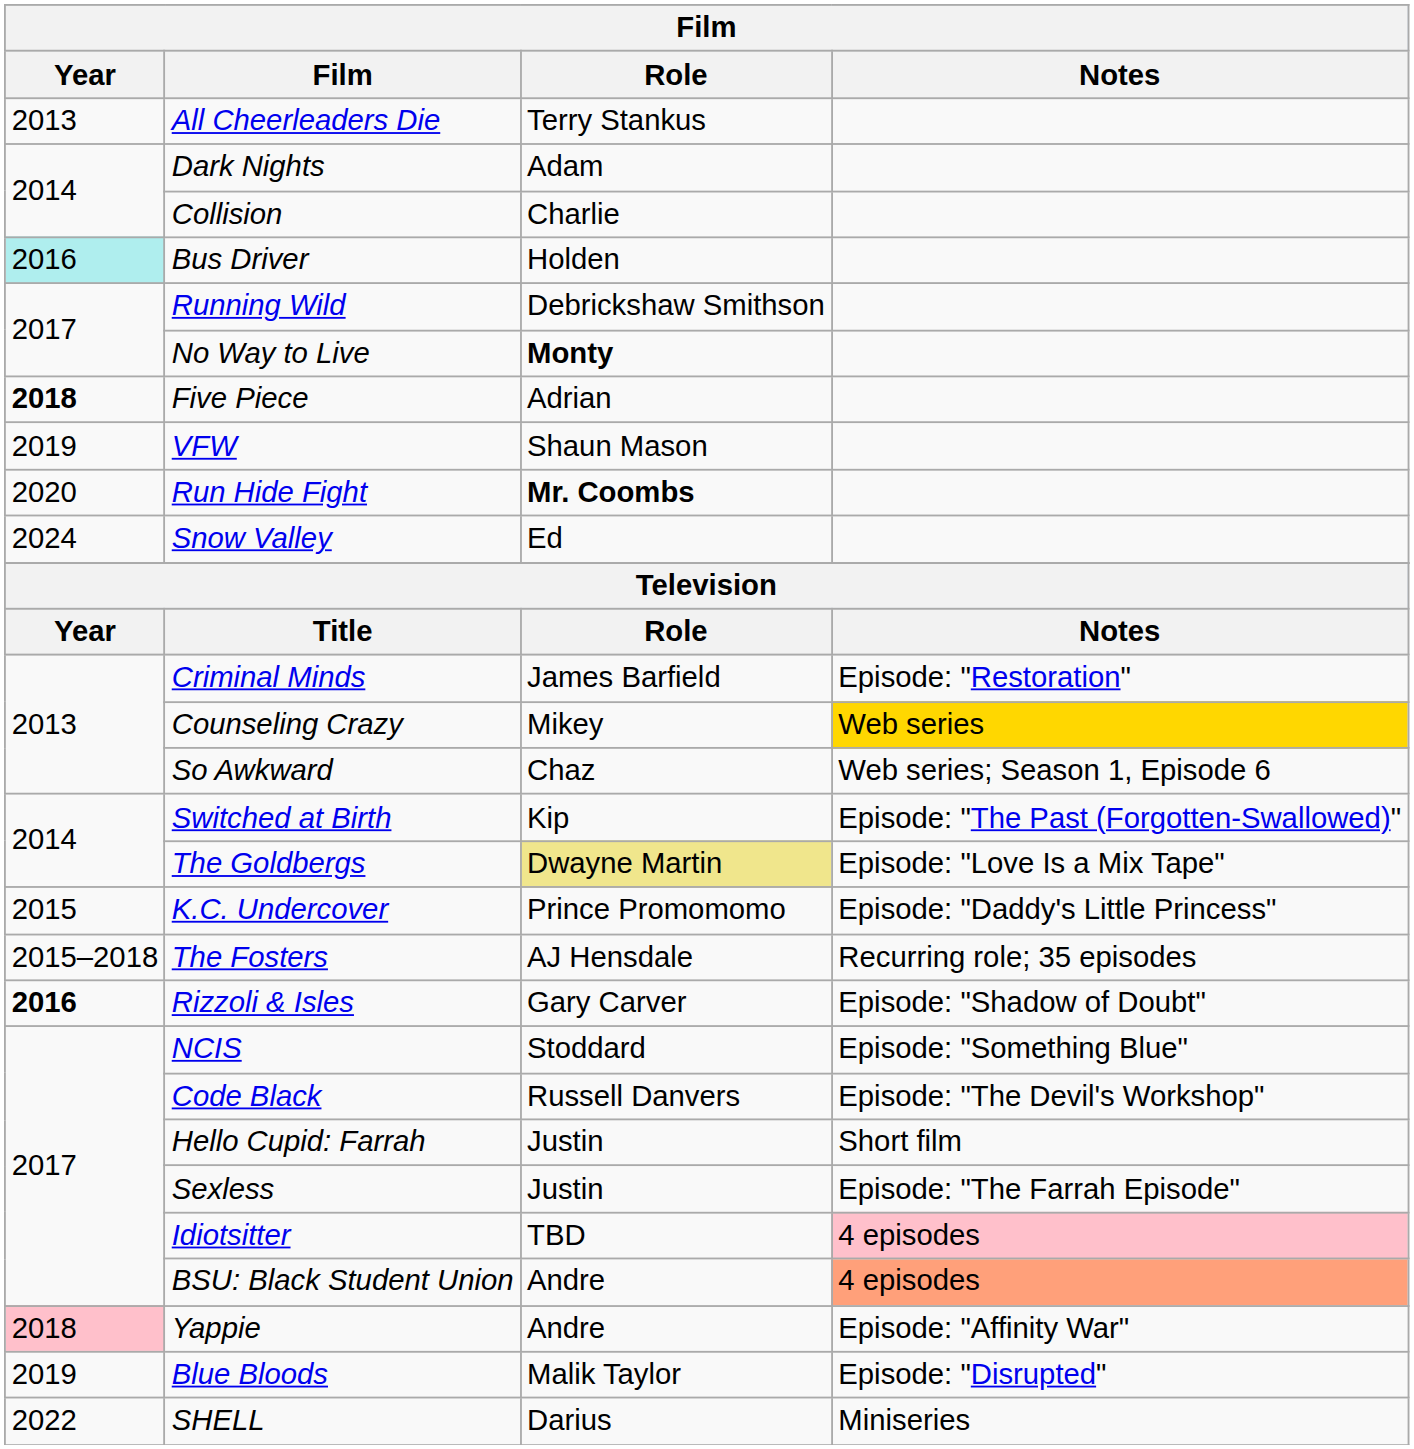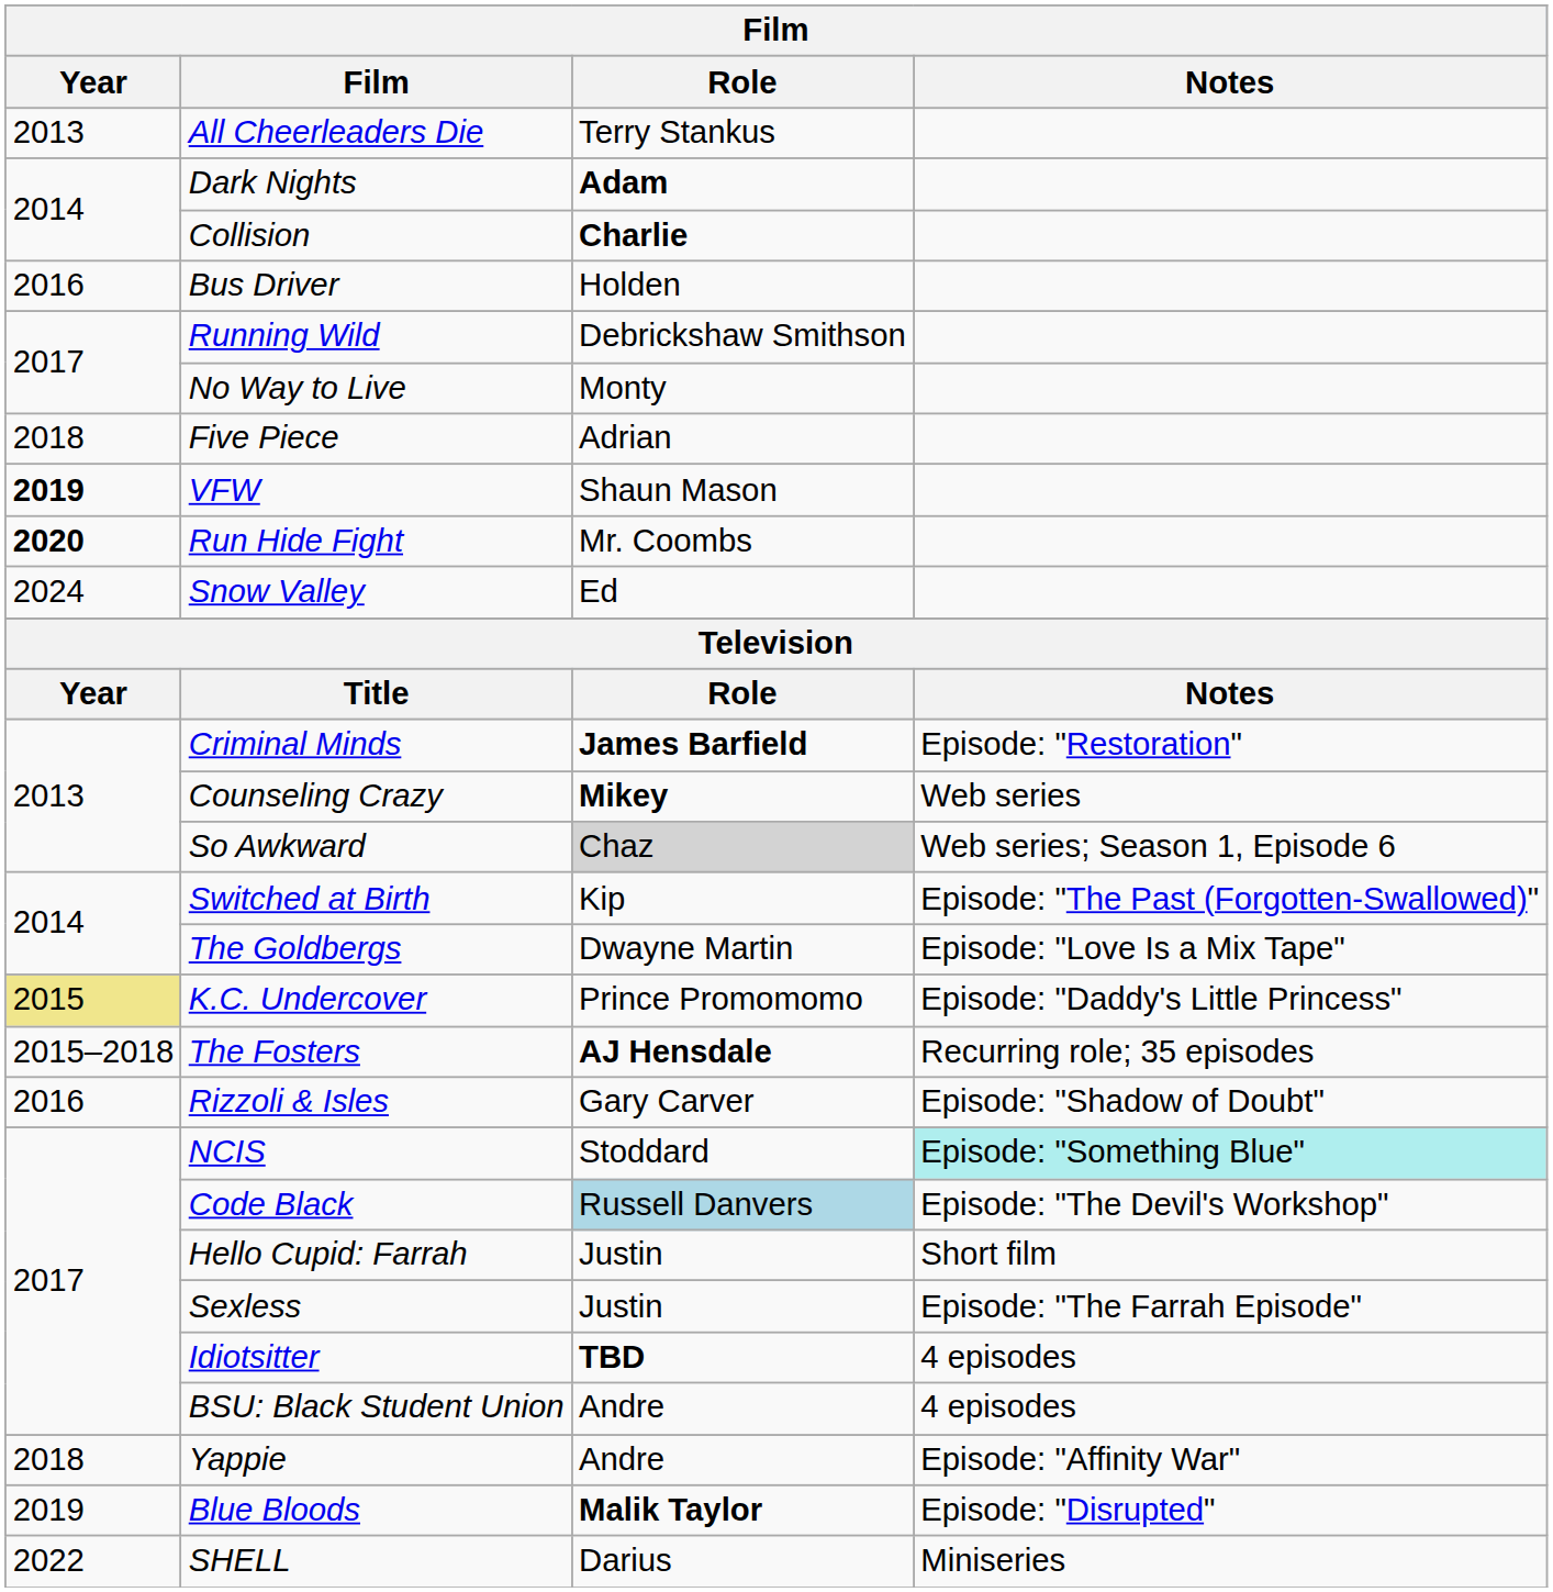 <table class="wikitable">
 <tr style="background:lightsteelblue;">
 <th colspan=4>Film</th>
 </tr>
 <tr style="background:#ccc;">
 <th>Year</th>
 <th>Film</th>
 <th>Role</th>
 <th>Notes</th>
 </tr>
 <tr>
 <td>2013</td>
 <td><em><a href='#'>All Cheerleaders Die</a></em></td>
 <td>Terry Stankus</td>
 <td></td>
 </tr>
 <tr>
 <td rowspan=2>2014</td>
 <td><em>Dark Nights</em></td>
-<td>Adam</td>
+<td><strong>Adam</strong></td>
 <td></td>
 </tr>
 <tr>
 <td><em>Collision</em></td>
-<td>Charlie</td>
+<td><strong>Charlie</strong></td>
 <td></td>
 </tr>
 <tr>
-<td style="background: paleturquoise;">2016</td>
+<td>2016</td>
 <td><em>Bus Driver</em></td>
 <td>Holden</td>
 <td></td>
 </tr>
 <tr>
 <td rowspan=2>2017</td>
 <td><em><a href='#'>Running Wild</a></em></td>
 <td>Debrickshaw Smithson</td>
 <td></td>
 </tr>
 <tr>
 <td><em>No Way to Live</em></td>
-<td><strong>Monty</strong></td>
+<td>Monty</td>
 <td></td>
 </tr>
 <tr>
-<td><strong>2018</strong></td>
+<td>2018</td>
 <td><em>Five Piece</em></td>
 <td>Adrian</td>
 <td></td>
 </tr>
 <tr>
-<td>2019</td>
+<td><strong>2019</strong></td>
 <td><em><a href='#'>VFW</a></em></td>
 <td>Shaun Mason</td>
 <td></td>
 </tr>
 <tr>
-<td>2020</td>
+<td><strong>2020</strong></td>
 <td><em><a href='#'>Run Hide Fight</a></em></td>
-<td><strong>Mr. Coombs</strong></td>
+<td>Mr. Coombs</td>
 <td></td>
 </tr>
 <tr>
 <td>2024</td>
 <td><em><a href='#'>Snow Valley</a></em></td>
 <td>Ed</td>
 <td></td>
 </tr>
 <tr class="wikitable sortable">
 </tr>
 <tr style="background:lightsteelblue;">
 <th colspan=4>Television</th>
 </tr>
 <tr style="background:#ccc;">
 <th>Year</th>
 <th>Title</th>
 <th>Role</th>
 <th>Notes</th>
 </tr>
 <tr>
 <td rowspan=3>2013</td>
 <td><em><a href='#'>Criminal Minds</a></em></td>
-<td>James Barfield</td>
+<td><strong>James Barfield</strong></td>
 <td>Episode: "<a href='#'>Restoration</a>"</td>
 </tr>
 <tr>
 <td><em>Counseling Crazy</em></td>
-<td>Mikey</td>
-<td style="background: gold;">Web series</td>
+<td><strong>Mikey</strong></td>
+<td>Web series</td>
 </tr>
 <tr>
 <td><em>So Awkward</em></td>
-<td>Chaz</td>
+<td style="background: lightgrey;">Chaz</td>
 <td>Web series; Season 1, Episode 6</td>
 </tr>
 <tr>
 <td rowspan=2>2014</td>
 <td><em><a href='#'>Switched at Birth</a></em></td>
 <td>Kip</td>
 <td>Episode: "<a href='#'>The Past (Forgotten-Swallowed)</a>"</td>
 </tr>
 <tr>
 <td><em><a href='#'>The Goldbergs</a></em></td>
-<td style="background: khaki;">Dwayne Martin</td>
+<td>Dwayne Martin</td>
 <td>Episode: "Love Is a Mix Tape"</td>
 </tr>
 <tr>
-<td>2015</td>
+<td style="background: khaki;">2015</td>
 <td><em><a href='#'>K.C. Undercover</a></em></td>
 <td>Prince Promomomo</td>
 <td>Episode: "Daddy's Little Princess"</td>
 </tr>
 <tr>
 <td>2015–2018</td>
 <td><em><a href='#'>The Fosters</a></em></td>
-<td>AJ Hensdale</td>
+<td><strong>AJ Hensdale</strong></td>
 <td>Recurring role; 35 episodes</td>
 </tr>
 <tr>
-<td><strong>2016</strong></td>
+<td>2016</td>
 <td><em><a href='#'>Rizzoli & Isles</a></em></td>
 <td>Gary Carver</td>
 <td>Episode: "Shadow of Doubt"</td>
 </tr>
 <tr>
 <td rowspan=6>2017</td>
 <td><em><a href='#'>NCIS</a></em></td>
 <td>Stoddard</td>
-<td>Episode: "Something Blue"</td>
+<td style="background: paleturquoise;">Episode: "Something Blue"</td>
 </tr>
 <tr>
 <td><em><a href='#'>Code Black</a></em></td>
-<td>Russell Danvers</td>
+<td style="background: lightblue;">Russell Danvers</td>
 <td>Episode: "The Devil's Workshop"</td>
 </tr>
 <tr>
 <td><em>Hello Cupid: Farrah</em></td>
 <td>Justin</td>
 <td>Short film</td>
 </tr>
 <tr>
 <td><em>Sexless</em></td>
 <td>Justin</td>
 <td>Episode: "The Farrah Episode"</td>
 </tr>
 <tr>
 <td><em><a href='#'>Idiotsitter</a></em></td>
-<td>TBD</td>
-<td style="background: pink;">4 episodes</td>
+<td><strong>TBD</strong></td>
+<td>4 episodes</td>
 </tr>
 <tr>
 <td><em>BSU: Black Student Union</em></td>
 <td>Andre</td>
-<td style="background: lightsalmon;">4 episodes</td>
+<td>4 episodes</td>
 </tr>
 <tr>
-<td style="background: pink;">2018</td>
+<td>2018</td>
 <td><em>Yappie</em></td>
 <td>Andre</td>
 <td>Episode: "Affinity War"</td>
 </tr>
 <tr>
 <td>2019</td>
 <td><em><a href='#'>Blue Bloods</a></em></td>
-<td>Malik Taylor</td>
+<td><strong>Malik Taylor</strong></td>
 <td>Episode: "<a href='#'>Disrupted</a>"</td>
 </tr>
 <tr>
 <td>2022</td>
 <td><em>SHELL</em></td>
 <td>Darius</td>
 <td>Miniseries</td>
 </tr>
 </table>
